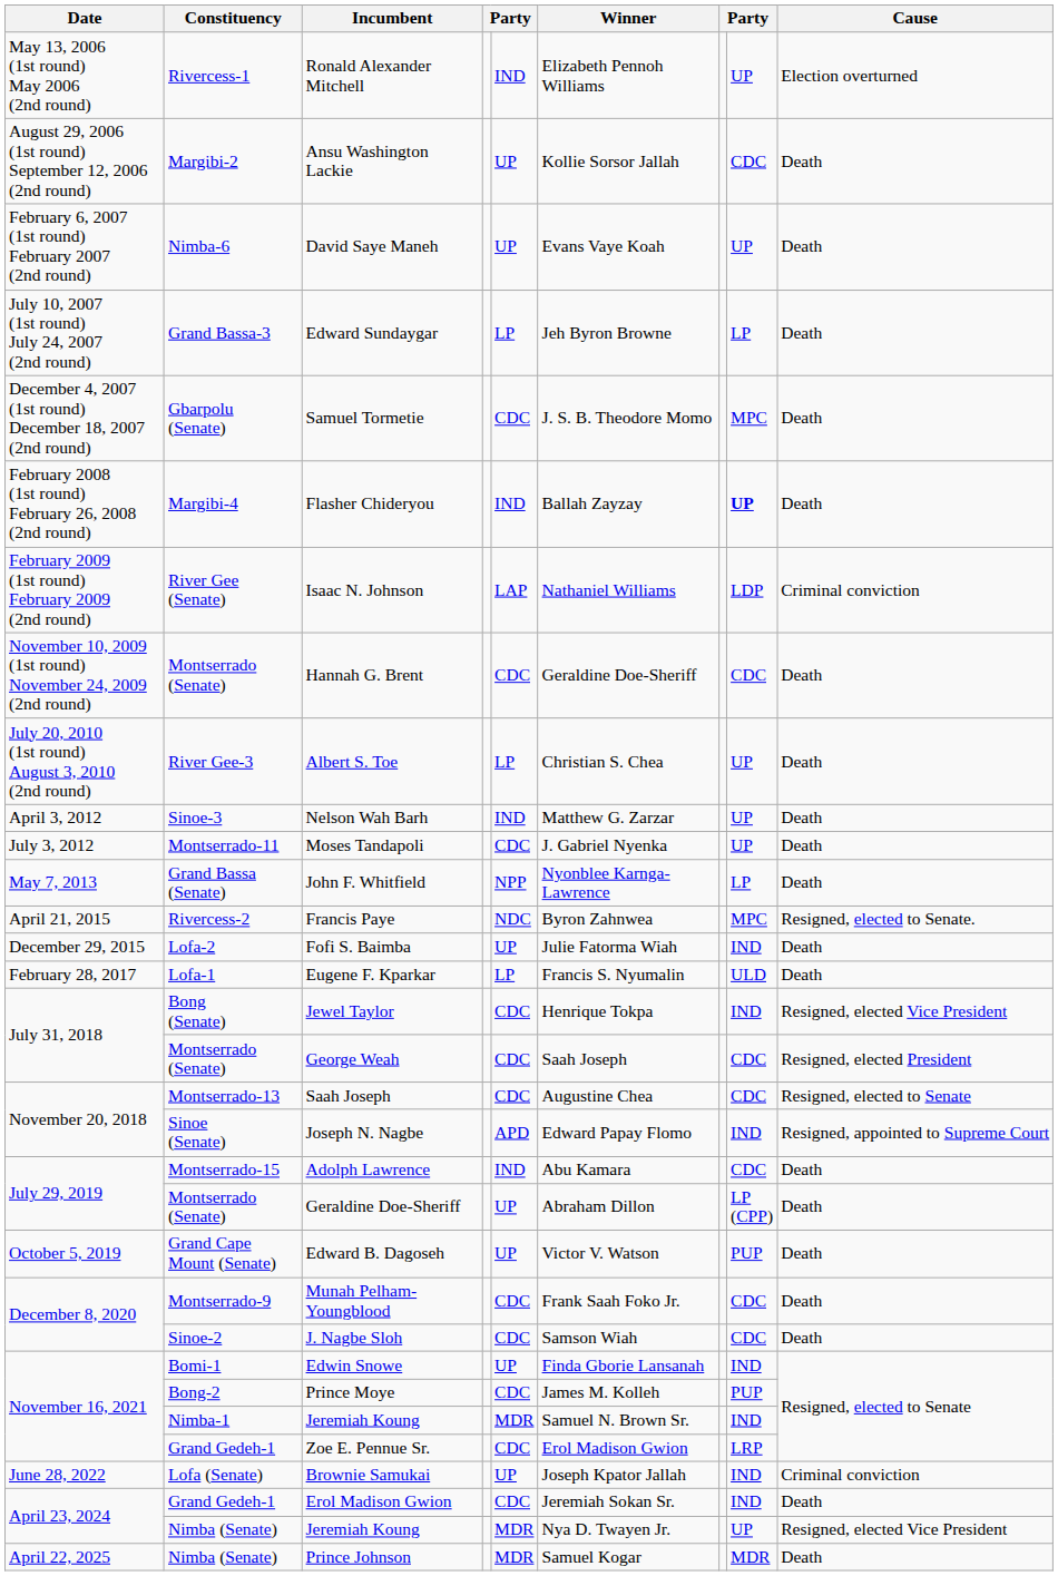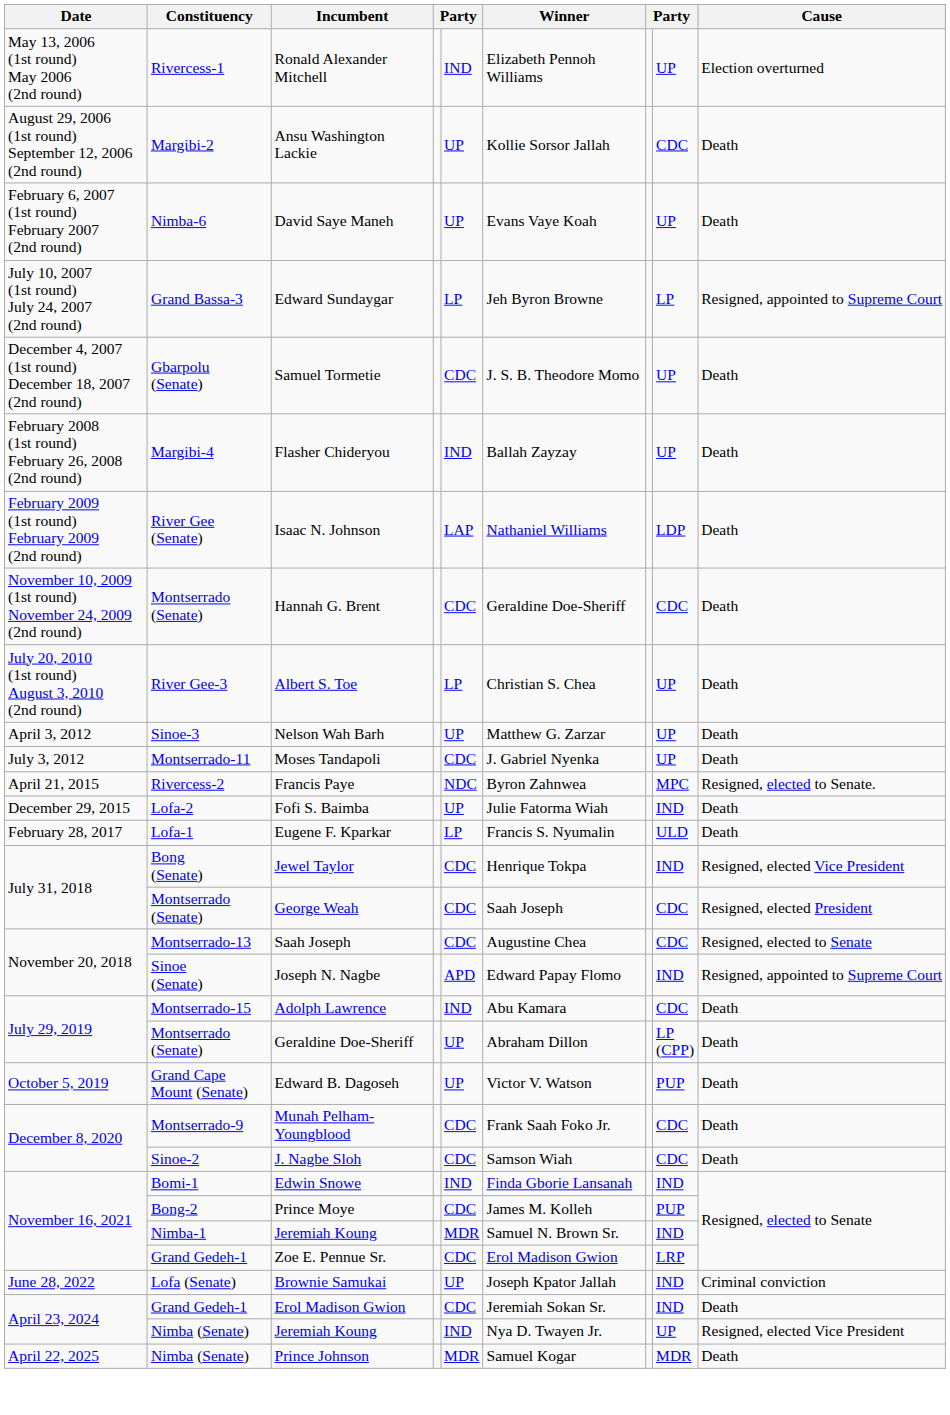 <table class="wikitable">
 <tr>
 <th ! scope="col" width="140px">Date</th>
 <th ! scope="col" width="120px">Constituency</th>
 <th ! scope="col" width="160px">Incumbent</th>
 <th ! scope="col" width="30px" colspan=2>Party</th>
 <th ! scope="col" width="160px">Winner</th>
 <th ! scope="col" width="30px" colspan=2>Party</th>
 <th ! scope="col">Cause</th>
 </tr>
 <tr>
 <td>May 13, 2006<br>(1st round)<br>May 2006<br>(2nd round)</td>
 <td><a href='#'>Rivercess-1</a></td>
 <td>Ronald Alexander Mitchell</td>
 <td></td>
 <td><a href='#'>IND</a></td>
 <td>Elizabeth Pennoh Williams</td>
 <td></td>
 <td><a href='#'>UP</a></td>
 <td>Election overturned</td>
 </tr>
 <tr>
 <td>August 29, 2006<br>(1st round)<br>September 12, 2006<br>(2nd round)</td>
 <td><a href='#'>Margibi-2</a></td>
 <td>Ansu Washington Lackie</td>
 <td></td>
 <td><a href='#'>UP</a></td>
 <td>Kollie Sorsor Jallah</td>
 <td></td>
 <td><a href='#'>CDC</a></td>
 <td>Death</td>
 </tr>
 <tr>
 <td>February 6, 2007<br>(1st round)<br>February 2007<br>(2nd round)</td>
 <td><a href='#'>Nimba-6</a></td>
 <td>David Saye Maneh</td>
 <td></td>
 <td><a href='#'>UP</a></td>
 <td>Evans Vaye Koah</td>
 <td></td>
 <td><a href='#'>UP</a></td>
 <td>Death</td>
 </tr>
 <tr>
 <td>July 10, 2007<br>(1st round)<br>July 24, 2007<br>(2nd round)</td>
 <td><a href='#'>Grand Bassa-3</a></td>
 <td>Edward Sundaygar</td>
 <td></td>
 <td><a href='#'>LP</a></td>
 <td>Jeh Byron Browne</td>
 <td></td>
 <td><a href='#'>LP</a></td>
-<td>Death</td>
+<td>Resigned, appointed to <a href='#'>Supreme Court</a></td>
 </tr>
 <tr>
 <td>December 4, 2007<br>(1st round)<br>December 18, 2007<br>(2nd round)</td>
 <td><a href='#'>Gbarpolu</a><br>(<a href='#'>Senate</a>)</td>
 <td>Samuel Tormetie</td>
 <td></td>
 <td><a href='#'>CDC</a></td>
 <td>J. S. B. Theodore Momo</td>
 <td></td>
-<td><a href='#'>MPC</a></td>
+<td><a href='#'>UP</a></td>
 <td>Death</td>
 </tr>
 <tr>
 <td>February 2008<br>(1st round)<br>February 26, 2008<br>(2nd round)</td>
 <td><a href='#'>Margibi-4</a></td>
 <td>Flasher Chideryou</td>
 <td></td>
 <td><a href='#'>IND</a></td>
 <td>Ballah Zayzay</td>
 <td></td>
-<td><strong><a href='#'>UP</a></strong></td>
+<td><a href='#'>UP</a></td>
 <td>Death</td>
 </tr>
 <tr>
 <td><a href='#'>February 2009</a><br>(1st round)<br><a href='#'>February 2009</a><br>(2nd round)</td>
 <td><a href='#'>River Gee</a><br>(<a href='#'>Senate</a>)</td>
 <td>Isaac N. Johnson</td>
 <td></td>
 <td><a href='#'>LAP</a></td>
 <td><a href='#'>Nathaniel Williams</a></td>
 <td></td>
 <td><a href='#'>LDP</a></td>
-<td>Criminal conviction</td>
+<td>Death</td>
 </tr>
 <tr>
 <td><a href='#'>November 10, 2009</a><br>(1st round)<br><a href='#'>November 24, 2009</a><br>(2nd round)</td>
 <td><a href='#'>Montserrado</a><br>(<a href='#'>Senate</a>)</td>
 <td>Hannah G. Brent</td>
 <td></td>
 <td><a href='#'>CDC</a></td>
 <td>Geraldine Doe-Sheriff</td>
 <td></td>
 <td><a href='#'>CDC</a></td>
 <td>Death</td>
 </tr>
 <tr>
 <td><a href='#'>July 20, 2010</a><br>(1st round)<br><a href='#'>August 3, 2010</a><br>(2nd round)</td>
 <td><a href='#'>River Gee-3</a></td>
 <td><a href='#'>Albert S. Toe</a></td>
 <td></td>
 <td><a href='#'>LP</a></td>
 <td>Christian S. Chea</td>
 <td></td>
 <td><a href='#'>UP</a></td>
 <td>Death</td>
 </tr>
 <tr>
 <td>April 3, 2012</td>
 <td><a href='#'>Sinoe-3</a></td>
 <td>Nelson Wah Barh</td>
 <td></td>
-<td><a href='#'>IND</a></td>
+<td><a href='#'>UP</a></td>
 <td>Matthew G. Zarzar</td>
 <td></td>
 <td><a href='#'>UP</a></td>
 <td>Death</td>
 </tr>
 <tr>
 <td>July 3, 2012</td>
 <td><a href='#'>Montserrado-11</a></td>
 <td>Moses Tandapoli</td>
 <td></td>
 <td><a href='#'>CDC</a></td>
 <td>J. Gabriel Nyenka</td>
 <td></td>
 <td><a href='#'>UP</a></td>
-<td>Death</td>
-</tr>
-<tr>
-<td><a href='#'>May 7, 2013</a></td>
-<td><a href='#'>Grand Bassa</a> (<a href='#'>Senate</a>)</td>
-<td>John F. Whitfield</td>
-<td></td>
-<td><a href='#'>NPP</a></td>
-<td><a href='#'>Nyonblee Karnga-Lawrence</a></td>
-<td></td>
-<td><a href='#'>LP</a></td>
 <td>Death</td>
 </tr>
 <tr>
 <td>April 21, 2015</td>
 <td><a href='#'>Rivercess-2</a></td>
 <td>Francis Paye</td>
 <td></td>
 <td><a href='#'>NDC</a></td>
 <td>Byron Zahnwea</td>
 <td></td>
 <td><a href='#'>MPC</a></td>
 <td>Resigned, <a href='#'>elected</a> to Senate.</td>
 </tr>
 <tr>
 <td>December 29, 2015</td>
 <td><a href='#'>Lofa-2</a></td>
 <td>Fofi S. Baimba</td>
 <td></td>
 <td><a href='#'>UP</a></td>
 <td>Julie Fatorma Wiah</td>
 <td></td>
 <td><a href='#'>IND</a></td>
 <td>Death</td>
 </tr>
 <tr>
 <td>February 28, 2017</td>
 <td><a href='#'>Lofa-1</a></td>
 <td>Eugene F. Kparkar</td>
 <td></td>
 <td><a href='#'>LP</a></td>
 <td>Francis S. Nyumalin</td>
 <td></td>
 <td><a href='#'>ULD</a></td>
 <td>Death</td>
 </tr>
 <tr>
 <td rowspan=2>July 31, 2018</td>
 <td><a href='#'>Bong</a><br>(<a href='#'>Senate</a>)</td>
 <td><a href='#'>Jewel Taylor</a></td>
 <td></td>
 <td><a href='#'>CDC</a></td>
 <td>Henrique Tokpa</td>
 <td></td>
 <td><a href='#'>IND</a></td>
 <td>Resigned, elected <a href='#'>Vice President</a></td>
 </tr>
 <tr>
 <td><a href='#'>Montserrado</a><br>(<a href='#'>Senate</a>)</td>
 <td><a href='#'>George Weah</a></td>
 <td></td>
 <td><a href='#'>CDC</a></td>
 <td>Saah Joseph</td>
 <td></td>
 <td><a href='#'>CDC</a></td>
 <td>Resigned, elected <a href='#'>President</a></td>
 </tr>
 <tr>
 <td rowspan=2>November 20, 2018</td>
 <td><a href='#'>Montserrado-13</a></td>
 <td>Saah Joseph</td>
 <td></td>
 <td><a href='#'>CDC</a></td>
 <td>Augustine Chea</td>
 <td></td>
 <td><a href='#'>CDC</a></td>
 <td>Resigned, elected to <a href='#'>Senate</a></td>
 </tr>
 <tr>
 <td><a href='#'>Sinoe</a><br>(<a href='#'>Senate</a>)</td>
 <td>Joseph N. Nagbe</td>
 <td></td>
 <td><a href='#'>APD</a></td>
 <td>Edward Papay Flomo</td>
 <td></td>
 <td><a href='#'>IND</a></td>
 <td>Resigned, appointed to <a href='#'>Supreme Court</a></td>
 </tr>
 <tr>
 <td rowspan=2><a href='#'>July 29, 2019</a><br></td>
 <td><a href='#'>Montserrado-15</a></td>
 <td><a href='#'>Adolph Lawrence</a></td>
 <td></td>
 <td><a href='#'>IND</a></td>
 <td>Abu Kamara</td>
 <td></td>
 <td><a href='#'>CDC</a></td>
 <td>Death</td>
 </tr>
 <tr>
 <td><a href='#'>Montserrado</a><br>(<a href='#'>Senate</a>)</td>
 <td>Geraldine Doe-Sheriff</td>
 <td></td>
 <td><a href='#'>UP</a></td>
 <td>Abraham Dillon</td>
 <td></td>
 <td><a href='#'>LP</a><br>(<a href='#'>CPP</a>)</td>
 <td>Death</td>
 </tr>
 <tr>
 <td><a href='#'>October 5, 2019</a></td>
 <td><a href='#'>Grand Cape Mount</a> (<a href='#'>Senate</a>)</td>
 <td>Edward B. Dagoseh</td>
 <td></td>
 <td><a href='#'>UP</a></td>
 <td>Victor V. Watson</td>
 <td></td>
 <td><a href='#'>PUP</a></td>
 <td>Death</td>
 </tr>
 <tr>
 <td rowspan=2><a href='#'>December 8, 2020</a></td>
 <td><a href='#'>Montserrado-9</a></td>
 <td><a href='#'>Munah Pelham-Youngblood</a></td>
 <td></td>
 <td><a href='#'>CDC</a></td>
 <td>Frank Saah Foko Jr.</td>
 <td></td>
 <td><a href='#'>CDC</a></td>
 <td>Death</td>
 </tr>
 <tr>
 <td><a href='#'>Sinoe-2</a></td>
 <td><a href='#'>J. Nagbe Sloh</a></td>
 <td></td>
 <td><a href='#'>CDC</a></td>
 <td>Samson Wiah</td>
 <td></td>
 <td><a href='#'>CDC</a></td>
 <td>Death</td>
 </tr>
 <tr>
 <td rowspan=4><a href='#'>November 16, 2021</a></td>
 <td><a href='#'>Bomi-1</a></td>
 <td><a href='#'>Edwin Snowe</a></td>
 <td></td>
-<td><a href='#'>UP</a></td>
+<td><a href='#'>IND</a></td>
 <td><a href='#'>Finda Gborie Lansanah</a></td>
 <td></td>
 <td><a href='#'>IND</a></td>
 <td rowspan=4>Resigned, <a href='#'>elected</a> to Senate</td>
 </tr>
 <tr>
 <td><a href='#'>Bong-2</a></td>
 <td>Prince Moye</td>
 <td></td>
 <td><a href='#'>CDC</a></td>
 <td>James M. Kolleh</td>
 <td></td>
 <td><a href='#'>PUP</a></td>
 </tr>
 <tr>
 <td><a href='#'>Nimba-1</a></td>
 <td><a href='#'>Jeremiah Koung</a></td>
 <td></td>
 <td><a href='#'>MDR</a></td>
 <td>Samuel N. Brown Sr.</td>
 <td></td>
 <td><a href='#'>IND</a></td>
 </tr>
 <tr>
 <td><a href='#'>Grand Gedeh-1</a></td>
 <td>Zoe E. Pennue Sr.</td>
 <td></td>
 <td><a href='#'>CDC</a></td>
 <td><a href='#'>Erol Madison Gwion</a></td>
 <td></td>
 <td><a href='#'>LRP</a></td>
 </tr>
 <tr>
 <td><a href='#'>June 28, 2022</a></td>
 <td><a href='#'>Lofa</a> (<a href='#'>Senate</a>)</td>
 <td><a href='#'>Brownie Samukai</a></td>
 <td></td>
 <td><a href='#'>UP</a></td>
 <td>Joseph Kpator Jallah</td>
 <td></td>
 <td><a href='#'>IND</a></td>
 <td>Criminal conviction</td>
 </tr>
 <tr>
 <td rowspan=2><a href='#'>April 23, 2024</a></td>
 <td><a href='#'>Grand Gedeh-1</a></td>
 <td><a href='#'>Erol Madison Gwion</a></td>
 <td></td>
 <td><a href='#'>CDC</a></td>
 <td>Jeremiah Sokan Sr.</td>
 <td></td>
 <td><a href='#'>IND</a></td>
 <td>Death</td>
 </tr>
 <tr>
 <td><a href='#'>Nimba</a> (<a href='#'>Senate</a>)</td>
 <td><a href='#'>Jeremiah Koung</a></td>
 <td></td>
-<td><a href='#'>MDR</a></td>
+<td><a href='#'>IND</a></td>
 <td>Nya D. Twayen Jr.</td>
 <td></td>
 <td><a href='#'>UP</a></td>
 <td>Resigned, elected Vice President</td>
 </tr>
 <tr>
 <td><a href='#'>April 22, 2025</a></td>
 <td><a href='#'>Nimba</a> (<a href='#'>Senate</a>)</td>
 <td><a href='#'>Prince Johnson</a></td>
 <td></td>
 <td><a href='#'>MDR</a></td>
 <td>Samuel Kogar</td>
 <td></td>
 <td><a href='#'>MDR</a></td>
 <td>Death</td>
 </tr>
 </table>
